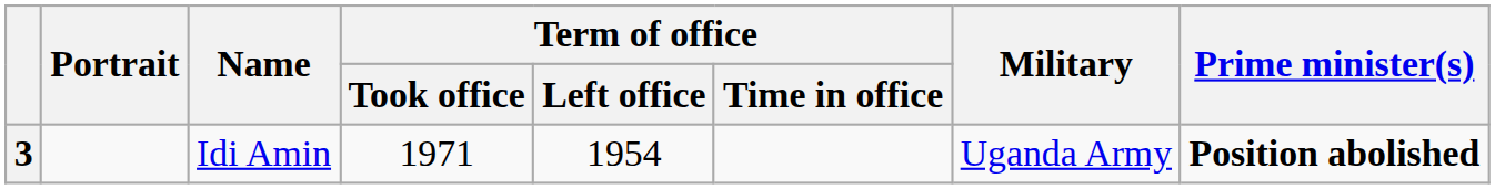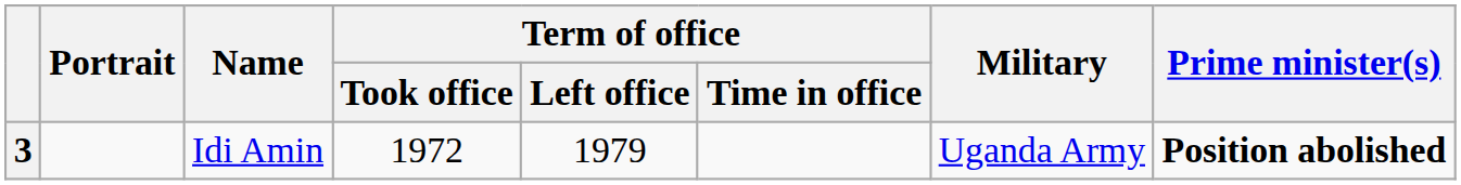 <table class="wikitable" style="text-align:center">
 <tr>
 <th rowspan="2"></th>
 <th rowspan="2">Portrait</th>
 <th rowspan="2">Name<br></th>
 <th colspan="3">Term of office</th>
 <th rowspan="2">Military</th>
 <th rowspan="2"><a href='#'>Prime minister(s)</a></th>
 </tr>
 <tr>
 <th>Took office</th>
 <th>Left office</th>
 <th>Time in office</th>
 </tr>
 <tr>
 <th style="background:">3</th>
 <td></td>
 <td><a href='#'>Idi Amin</a><br></td>
-<td> 1971</td>
-<td> 1954<br></td>
+<td> 1972</td>
+<td> 1979<br></td>
 <td></td>
 <td><a href='#'>Uganda Army</a></td>
 <td><strong>Position abolished</strong></td>
 </tr>
 </table>
